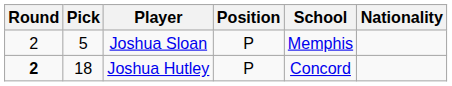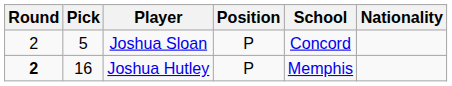 <table class="wikitable" style="font-size: 95%;">
 <tr>
 <th scope="col">Round</th>
 <th scope="col">Pick</th>
 <th scope="col">Player</th>
 <th scope="col">Position</th>
 <th scope="col">School</th>
 <th scope="col">Nationality</th>
 </tr>
 <tr align="center">
 <td align=center>2</td>
 <td>5</td>
 <td><a href='#'>Joshua Sloan</a></td>
 <td>P</td>
-<td><a href='#'>Memphis</a></td>
+<td><a href='#'>Concord</a></td>
 <td></td>
 </tr>
 <tr align="center">
 <td align=center><strong>2</strong></td>
-<td>18</td>
+<td>16</td>
 <td><a href='#'>Joshua Hutley</a></td>
 <td>P</td>
-<td><a href='#'>Concord</a></td>
+<td><a href='#'>Memphis</a></td>
 <td></td>
 </tr>
 </table>
